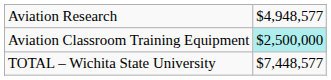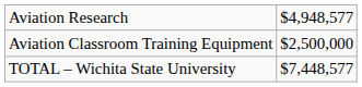 <table class="wikitable">
 <tr>
 <td>Aviation Research</td>
 <td>$4,948,577</td>
 </tr>
 <tr>
 <td>Aviation Classroom Training Equipment</td>
-<td style="background: paleturquoise;">$2,500,000</td>
+<td>$2,500,000</td>
 </tr>
 <tr>
 <td>TOTAL – Wichita State University</td>
 <td>$7,448,577</td>
 </tr>
 </table>
